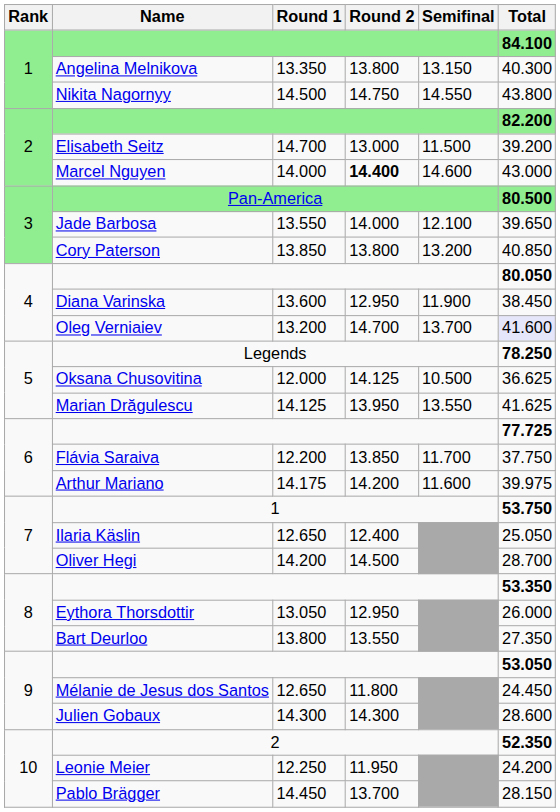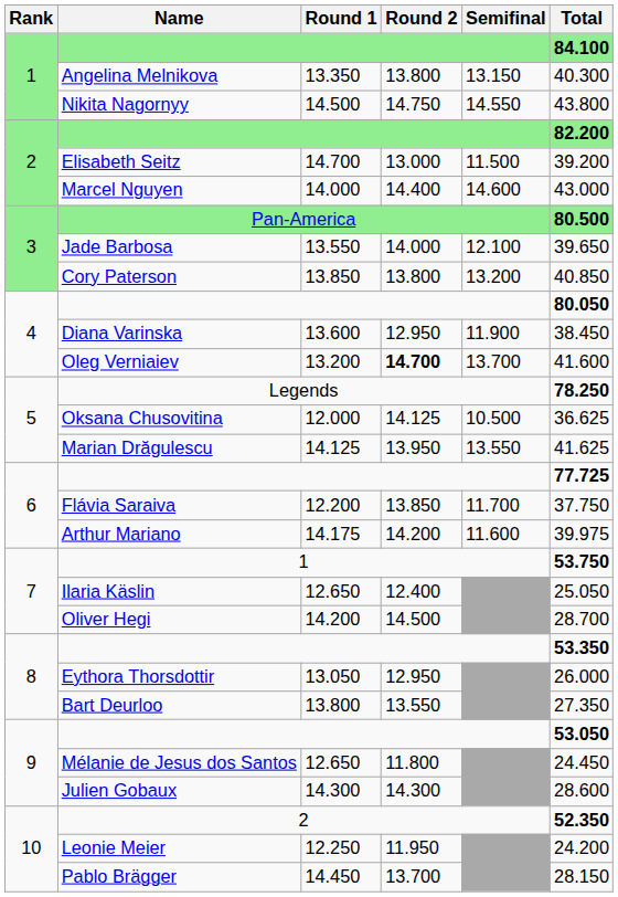 <table class="wikitable" white-space:nowrap">
 <tr>
 <th>Rank</th>
 <th>Name</th>
 <th>Round 1</th>
 <th>Round 2</th>
 <th>Semifinal</th>
 <th>Total</th>
 </tr>
 <tr bgcolor="lightgreen">
 <td rowspan="3" align=center>1</td>
 <td align=center colspan="4"></td>
 <td><strong>84.100</strong></td>
 </tr>
 <tr>
 <td><a href='#'>Angelina Melnikova</a></td>
 <td> 13.350</td>
 <td> 13.800</td>
 <td> 13.150</td>
 <td>40.300</td>
 </tr>
 <tr>
 <td><a href='#'>Nikita Nagornyy</a></td>
 <td> 14.500</td>
 <td> 14.750</td>
 <td> 14.550</td>
 <td>43.800</td>
 </tr>
 <tr bgcolor="lightgreen">
 <td rowspan="3" align=center>2</td>
 <td align=center colspan="4"></td>
 <td><strong>82.200</strong></td>
 </tr>
 <tr>
 <td><a href='#'>Elisabeth Seitz</a></td>
 <td> 14.700</td>
 <td> 13.000</td>
 <td> 11.500</td>
 <td>39.200</td>
 </tr>
 <tr>
 <td><a href='#'>Marcel Nguyen</a></td>
 <td> 14.000</td>
-<td><strong> 14.400</strong></td>
+<td> 14.400</td>
 <td> 14.600</td>
 <td>43.000</td>
 </tr>
 <tr bgcolor="lightgreen">
 <td rowspan="3" align=center>3</td>
 <td align=center colspan="4">  <a href='#'>Pan-America</a></td>
 <td><strong>80.500</strong></td>
 </tr>
 <tr>
 <td><a href='#'>Jade Barbosa</a></td>
 <td> 13.550</td>
 <td> 14.000</td>
 <td> 12.100</td>
 <td>39.650</td>
 </tr>
 <tr>
 <td><a href='#'>Cory Paterson</a></td>
 <td> 13.850</td>
 <td> 13.800</td>
 <td> 13.200</td>
 <td>40.850</td>
 </tr>
 <tr>
 <td rowspan="3" align=center>4</td>
 <td align=center colspan="4"></td>
 <td><strong>80.050</strong></td>
 </tr>
 <tr>
 <td><a href='#'>Diana Varinska</a></td>
 <td> 13.600</td>
 <td> 12.950</td>
 <td> 11.900</td>
 <td>38.450</td>
 </tr>
 <tr>
 <td><a href='#'>Oleg Verniaiev</a></td>
 <td> 13.200</td>
-<td> 14.700</td>
+<td><strong> 14.700</strong></td>
 <td> 13.700</td>
-<td style="background: lavender;">41.600</td>
+<td>41.600</td>
 </tr>
 <tr>
 <td rowspan="3" align=center>5</td>
 <td align=center colspan="4">  Legends</td>
 <td><strong>78.250</strong></td>
 </tr>
 <tr>
 <td><a href='#'>Oksana Chusovitina</a></td>
 <td> 12.000</td>
 <td> 14.125</td>
 <td> 10.500</td>
 <td>36.625</td>
 </tr>
 <tr>
 <td><a href='#'>Marian Drăgulescu</a></td>
 <td> 14.125</td>
 <td> 13.950</td>
 <td> 13.550</td>
 <td>41.625</td>
 </tr>
 <tr>
 <td rowspan="3" align=center>6</td>
 <td align=center colspan="4"></td>
 <td><strong>77.725</strong></td>
 </tr>
 <tr>
 <td><a href='#'>Flávia Saraiva</a></td>
 <td> 12.200</td>
 <td> 13.850</td>
 <td> 11.700</td>
 <td>37.750</td>
 </tr>
 <tr>
 <td><a href='#'>Arthur Mariano</a></td>
 <td> 14.175</td>
 <td> 14.200</td>
 <td> 11.600</td>
 <td>39.975</td>
 </tr>
 <tr>
 <td rowspan="3" align=center>7</td>
 <td align=center colspan="4"> 1</td>
 <td><strong>53.750</strong></td>
 </tr>
 <tr>
 <td><a href='#'>Ilaria Käslin</a></td>
 <td> 12.650</td>
 <td> 12.400</td>
 <td rowspan="2" bgcolor="darkgrey"></td>
 <td>25.050</td>
 </tr>
 <tr>
 <td><a href='#'>Oliver Hegi</a></td>
 <td> 14.200</td>
 <td> 14.500</td>
 <td>28.700</td>
 </tr>
 <tr>
 <td rowspan="3" align=center>8</td>
 <td align=center colspan="4"></td>
 <td><strong>53.350</strong></td>
 </tr>
 <tr>
 <td><a href='#'>Eythora Thorsdottir</a></td>
 <td> 13.050</td>
 <td> 12.950</td>
 <td rowspan="2" bgcolor="darkgrey"></td>
 <td>26.000</td>
 </tr>
 <tr>
 <td><a href='#'>Bart Deurloo</a></td>
 <td> 13.800</td>
 <td> 13.550</td>
 <td>27.350</td>
 </tr>
 <tr>
 <td rowspan="3" align=center>9</td>
 <td align=center colspan="4"></td>
 <td><strong>53.050</strong></td>
 </tr>
 <tr>
 <td><a href='#'>Mélanie de Jesus dos Santos</a></td>
 <td> 12.650</td>
 <td> 11.800</td>
 <td rowspan="2" bgcolor="darkgrey"></td>
 <td>24.450</td>
 </tr>
 <tr>
 <td><a href='#'>Julien Gobaux</a></td>
 <td> 14.300</td>
 <td> 14.300</td>
 <td>28.600</td>
 </tr>
 <tr>
 <td rowspan="3" align=center>10</td>
 <td align=center colspan="4"> 2</td>
 <td><strong>52.350</strong></td>
 </tr>
 <tr>
 <td><a href='#'>Leonie Meier</a></td>
 <td> 12.250</td>
 <td> 11.950</td>
 <td rowspan="2" bgcolor="darkgrey"></td>
 <td>24.200</td>
 </tr>
 <tr>
 <td><a href='#'>Pablo Brägger</a></td>
 <td> 14.450</td>
 <td> 13.700</td>
 <td>28.150</td>
 </tr>
 </table>
